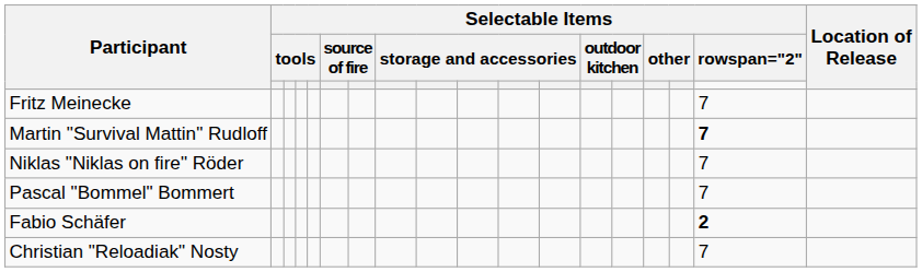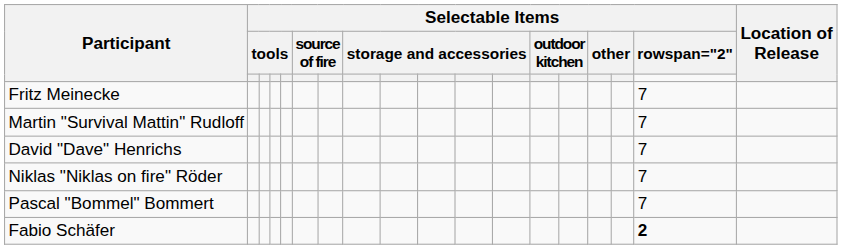 <table class="wikitable" style="white-space:nowrap;">
 <tr>
 <th rowspan="3">Participant</th>
 <th colspan="16">Selectable Items</th>
 <th rowspan="3">Location of<br>Release</th>
 </tr>
 <tr style="line-height:115%; font-size:90%">
 <th colspan="4">tools</th>
 <th colspan="2" style="letter-spacing:-1px">source<br>of fire</th>
 <th colspan="5">storage and accessories</th>
 <th colspan="2" style="letter-spacing:-1px">outdoor<br>kitchen</th>
 <th colspan="2">other</th>
 <th>rowspan="2" </th>
 </tr>
 <tr style="font-size:90%">
 <th></th>
 <th></th>
 <th></th>
 <th></th>
 <th></th>
 <th></th>
 <th></th>
 <th></th>
 <th></th>
 <th></th>
 <th></th>
 <th></th>
 <th></th>
 <th></th>
 <th></th>
 </tr>
 <tr>
 <td>Fritz Meinecke</td>
 <td></td>
 <td></td>
 <td></td>
 <td></td>
 <td></td>
 <td></td>
 <td></td>
 <td></td>
 <td></td>
 <td></td>
 <td></td>
 <td></td>
 <td></td>
 <td></td>
 <td></td>
 <td>7</td>
 <td><small></small></td>
 </tr>
 <tr>
 <td>Martin "Survival Mattin" Rudloff</td>
 <td></td>
 <td></td>
 <td></td>
 <td></td>
 <td></td>
 <td></td>
 <td></td>
 <td></td>
 <td></td>
 <td></td>
 <td></td>
 <td></td>
 <td></td>
 <td></td>
 <td></td>
-<td><strong>7</strong></td>
+<td>7</td>
+<td><small></small></td>
+</tr>
+<tr>
+<td>David "Dave" Henrichs</td>
+<td></td>
+<td></td>
+<td></td>
+<td></td>
+<td></td>
+<td></td>
+<td></td>
+<td></td>
+<td></td>
+<td></td>
+<td></td>
+<td></td>
+<td></td>
+<td></td>
+<td></td>
+<td>7</td>
 <td><small></small></td>
 </tr>
 <tr>
 <td>Niklas "Niklas on fire" Röder</td>
 <td></td>
 <td></td>
 <td></td>
 <td></td>
 <td></td>
 <td></td>
 <td></td>
 <td></td>
 <td></td>
 <td></td>
 <td></td>
 <td></td>
 <td></td>
 <td></td>
 <td></td>
 <td>7</td>
 <td><small></small></td>
 </tr>
 <tr>
 <td>Pascal "Bommel" Bommert</td>
 <td></td>
 <td></td>
 <td></td>
 <td></td>
 <td></td>
 <td></td>
 <td></td>
 <td></td>
 <td></td>
 <td></td>
 <td></td>
 <td></td>
 <td></td>
 <td></td>
 <td></td>
 <td>7</td>
 <td><small></small></td>
 </tr>
 <tr>
 <td>Fabio Schäfer</td>
 <td></td>
 <td></td>
 <td></td>
 <td></td>
 <td></td>
 <td></td>
 <td></td>
 <td></td>
 <td></td>
 <td></td>
 <td></td>
 <td></td>
 <td></td>
 <td></td>
 <td></td>
 <td><strong>2</strong></td>
 <td><small></small></td>
 </tr>
-<tr>
-<td>Christian "Reloadiak" Nosty</td>
-<td></td>
-<td></td>
-<td></td>
-<td></td>
-<td></td>
-<td></td>
-<td></td>
-<td></td>
-<td></td>
-<td></td>
-<td></td>
-<td></td>
-<td></td>
-<td></td>
-<td></td>
-<td>7</td>
-<td><small></small></td>
-</tr>
 </table>
